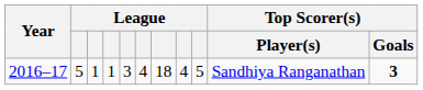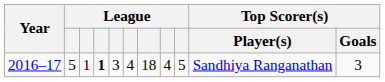 <table class="wikitable sortable" style="text-align: center">
 <tr>
 <th scope="col" rowspan="2">Year</th>
 <th colspan=8 class="unsortable">League</th>
 <th scope="col" colspan=3 class="unsortable">Top Scorer(s)</th>
 </tr>
 <tr>
 <th></th>
 <th></th>
 <th></th>
 <th></th>
 <th></th>
 <th></th>
 <th></th>
 <th></th>
 <th class="unsortable">Player(s)</th>
 <th class="unsortable">Goals</th>
 </tr>
 <tr>
 <td><a href='#'>2016–17</a></td>
 <td>5</td>
 <td>1</td>
-<td>1</td>
+<td><strong>1</strong></td>
 <td>3</td>
 <td>4</td>
 <td>18</td>
 <td>4</td>
 <td>5</td>
 <td align=left><a href='#'>Sandhiya Ranganathan</a></td>
-<td><strong>3</strong></td>
+<td>3</td>
 </tr>
 </table>
